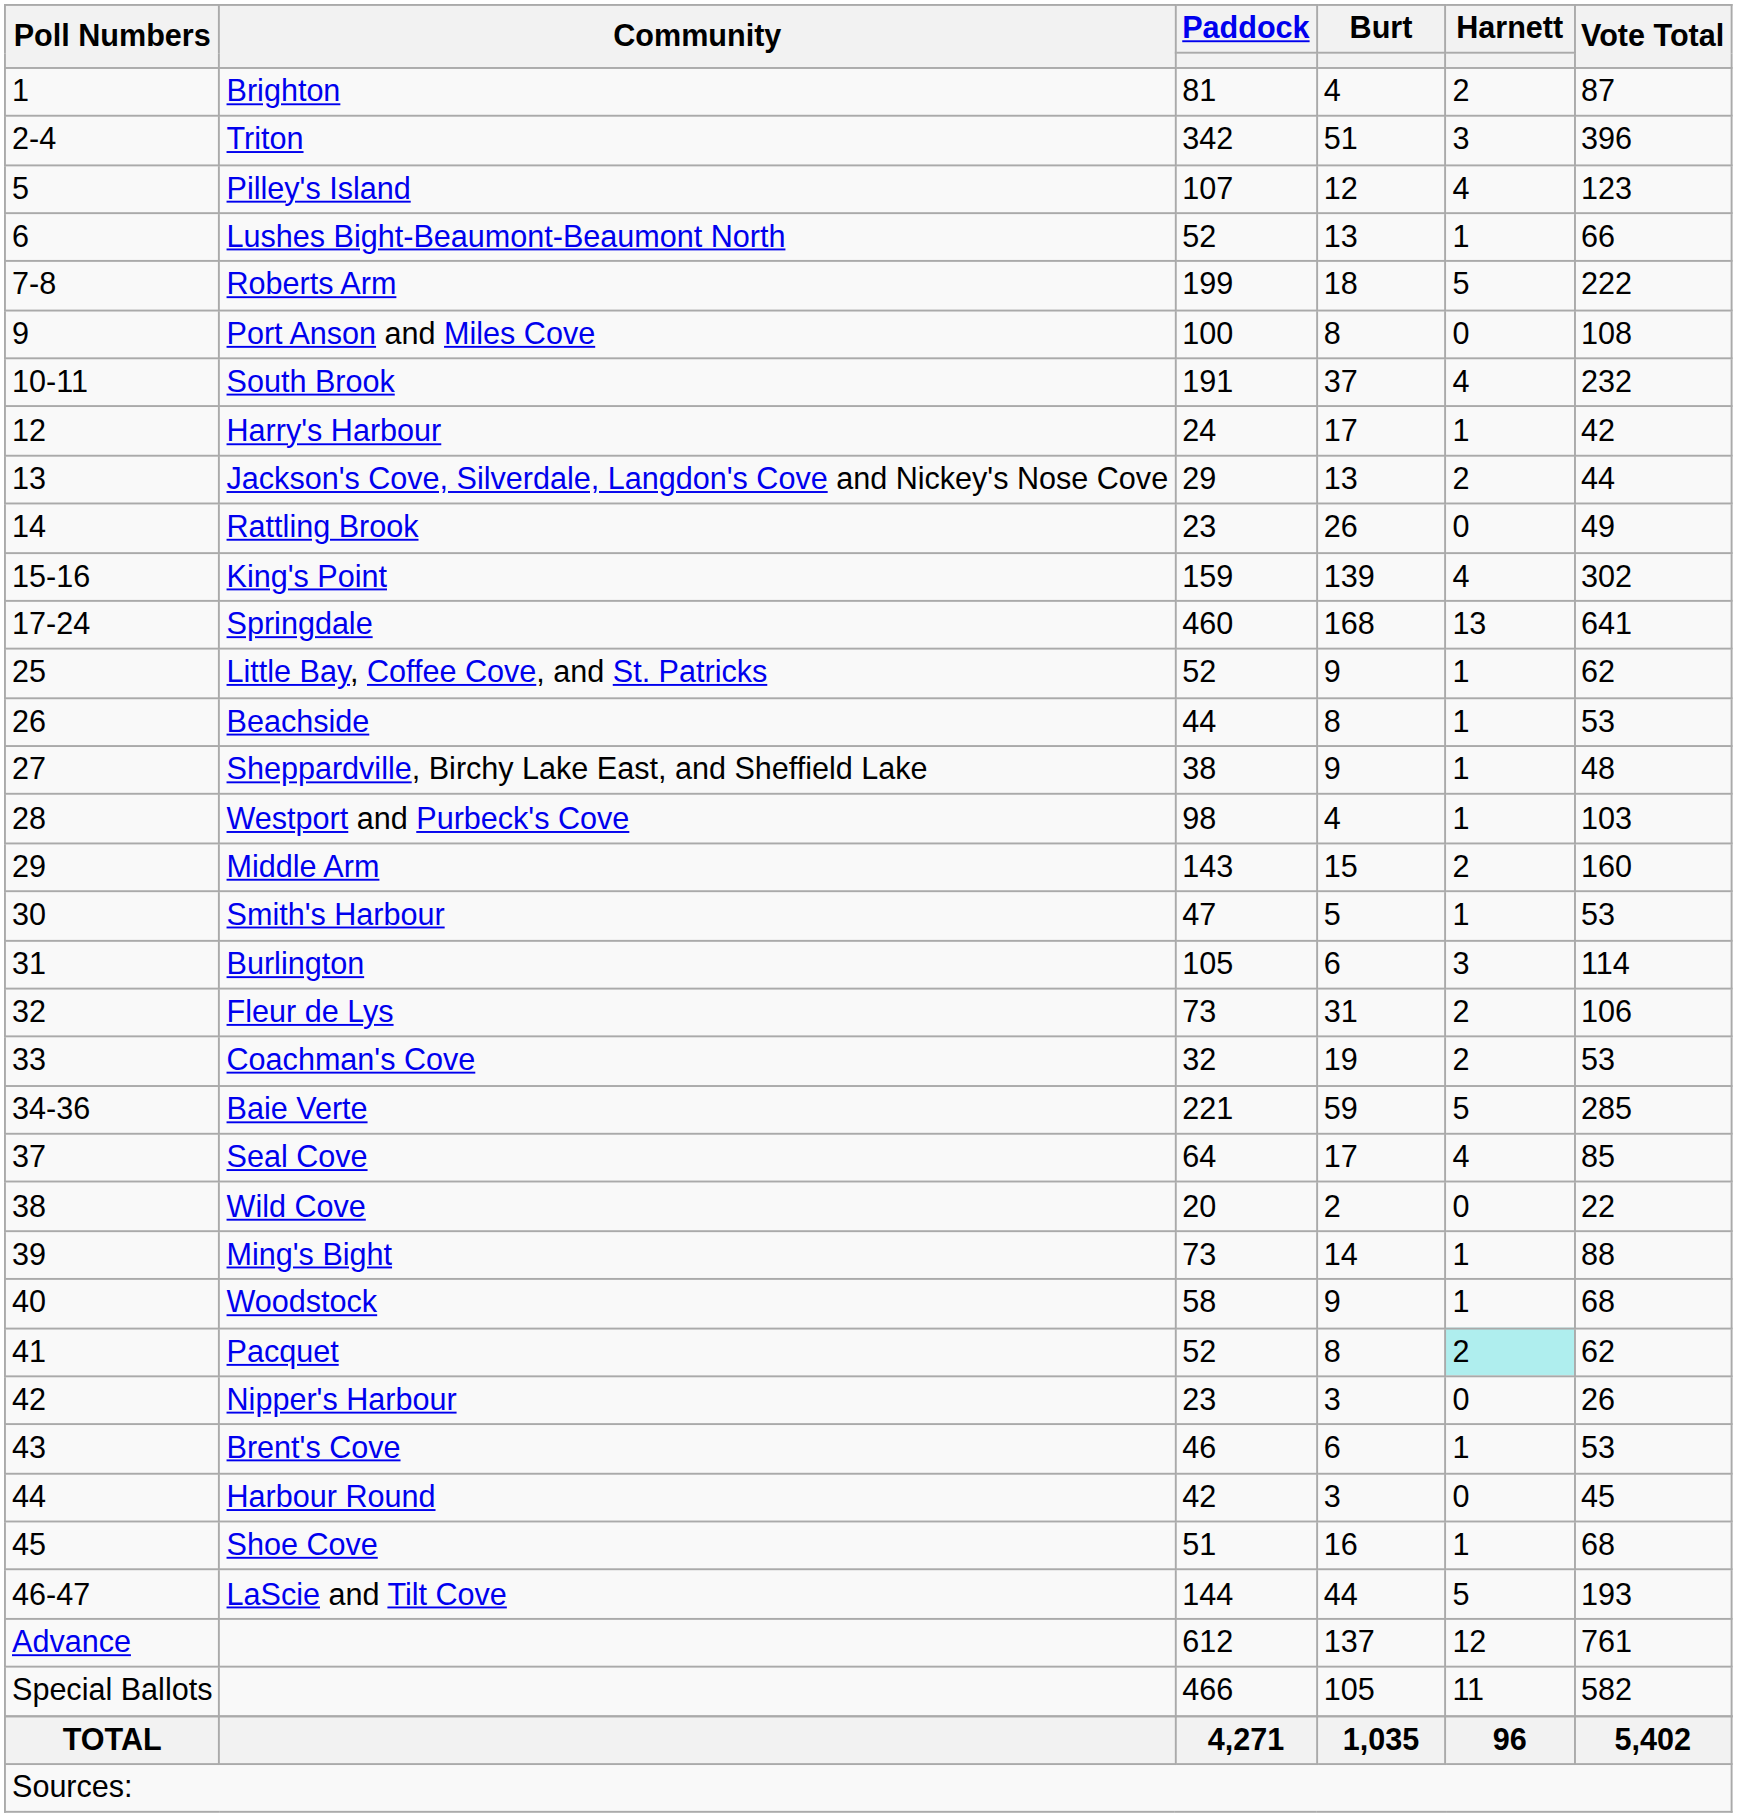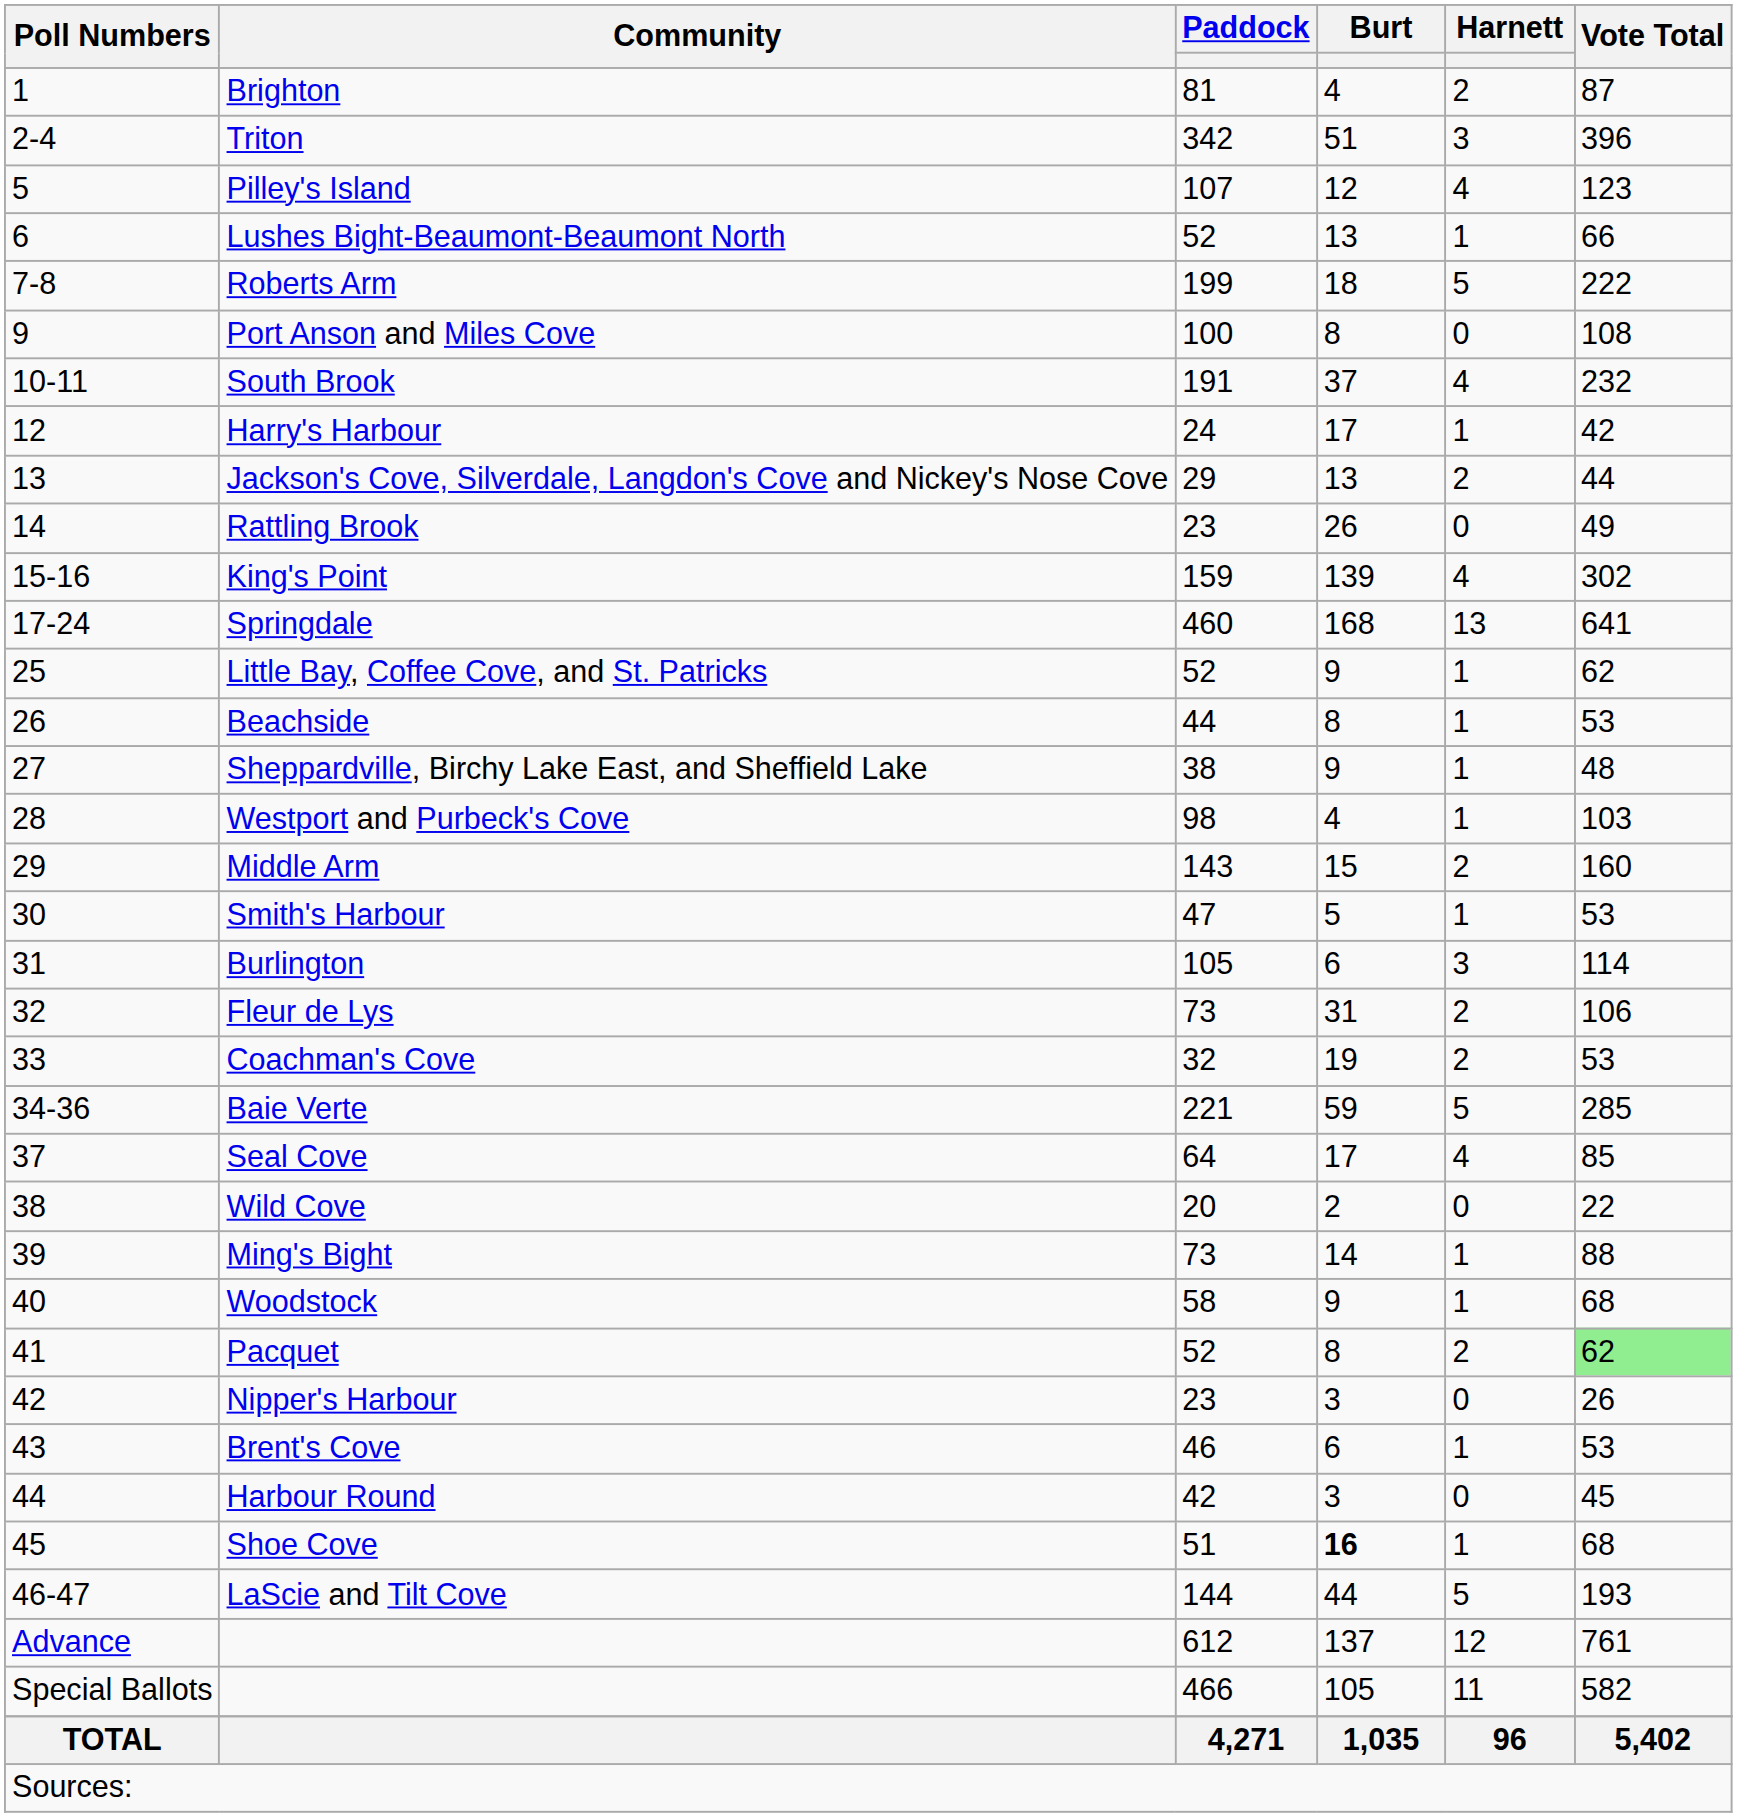 <table class="wikitable sortable">
 <tr>
 <th rowspan="2">Poll Numbers</th>
 <th rowspan="2">Community</th>
 <th width="60px" class="unsortable"><a href='#'>Paddock</a></th>
 <th width="60px" class="unsortable">Burt</th>
 <th width="60px" class="unsortable">Harnett</th>
 <th rowspan="2">Vote Total</th>
 </tr>
 <tr>
 <th style="background:"></th>
 <th style="background:"></th>
 <th style="background:"></th>
 </tr>
 <tr>
 <td>1</td>
 <td><a href='#'>Brighton</a></td>
 <td>81</td>
 <td>4</td>
 <td>2</td>
 <td>87</td>
 </tr>
 <tr>
 <td>2-4</td>
 <td><a href='#'>Triton</a></td>
 <td>342</td>
 <td>51</td>
 <td>3</td>
 <td>396</td>
 </tr>
 <tr>
 <td>5</td>
 <td><a href='#'>Pilley's Island</a></td>
 <td>107</td>
 <td>12</td>
 <td>4</td>
 <td>123</td>
 </tr>
 <tr>
 <td>6</td>
 <td><a href='#'>Lushes Bight-Beaumont-Beaumont North</a></td>
 <td>52</td>
 <td>13</td>
 <td>1</td>
 <td>66</td>
 </tr>
 <tr>
 <td>7-8</td>
 <td><a href='#'>Roberts Arm</a></td>
 <td>199</td>
 <td>18</td>
 <td>5</td>
 <td>222</td>
 </tr>
 <tr>
 <td>9</td>
 <td><a href='#'>Port Anson</a> and <a href='#'>Miles Cove</a></td>
 <td>100</td>
 <td>8</td>
 <td>0</td>
 <td>108</td>
 </tr>
 <tr>
 <td>10-11</td>
 <td><a href='#'>South Brook</a></td>
 <td>191</td>
 <td>37</td>
 <td>4</td>
 <td>232</td>
 </tr>
 <tr>
 <td>12</td>
 <td><a href='#'>Harry's Harbour</a></td>
 <td>24</td>
 <td>17</td>
 <td>1</td>
 <td>42</td>
 </tr>
 <tr>
 <td>13</td>
 <td><a href='#'>Jackson's Cove, Silverdale, Langdon's Cove</a> and Nickey's Nose Cove</td>
 <td>29</td>
 <td>13</td>
 <td>2</td>
 <td>44</td>
 </tr>
 <tr>
 <td>14</td>
 <td><a href='#'>Rattling Brook</a></td>
 <td>23</td>
 <td>26</td>
 <td>0</td>
 <td>49</td>
 </tr>
 <tr>
 <td>15-16</td>
 <td><a href='#'>King's Point</a></td>
 <td>159</td>
 <td>139</td>
 <td>4</td>
 <td>302</td>
 </tr>
 <tr>
 <td>17-24</td>
 <td><a href='#'>Springdale</a></td>
 <td>460</td>
 <td>168</td>
 <td>13</td>
 <td>641</td>
 </tr>
 <tr>
 <td>25</td>
 <td><a href='#'>Little Bay</a>, <a href='#'>Coffee Cove</a>, and <a href='#'>St. Patricks</a></td>
 <td>52</td>
 <td>9</td>
 <td>1</td>
 <td>62</td>
 </tr>
 <tr>
 <td>26</td>
 <td><a href='#'>Beachside</a></td>
 <td>44</td>
 <td>8</td>
 <td>1</td>
 <td>53</td>
 </tr>
 <tr>
 <td>27</td>
 <td><a href='#'>Sheppardville</a>, Birchy Lake East, and Sheffield Lake</td>
 <td>38</td>
 <td>9</td>
 <td>1</td>
 <td>48</td>
 </tr>
 <tr>
 <td>28</td>
 <td><a href='#'>Westport</a> and <a href='#'>Purbeck's Cove</a></td>
 <td>98</td>
 <td>4</td>
 <td>1</td>
 <td>103</td>
 </tr>
 <tr>
 <td>29</td>
 <td><a href='#'>Middle Arm</a></td>
 <td>143</td>
 <td>15</td>
 <td>2</td>
 <td>160</td>
 </tr>
 <tr>
 <td>30</td>
 <td><a href='#'>Smith's Harbour</a></td>
 <td>47</td>
 <td>5</td>
 <td>1</td>
 <td>53</td>
 </tr>
 <tr>
 <td>31</td>
 <td><a href='#'>Burlington</a></td>
 <td>105</td>
 <td>6</td>
 <td>3</td>
 <td>114</td>
 </tr>
 <tr>
 <td>32</td>
 <td><a href='#'>Fleur de Lys</a></td>
 <td>73</td>
 <td>31</td>
 <td>2</td>
 <td>106</td>
 </tr>
 <tr>
 <td>33</td>
 <td><a href='#'>Coachman's Cove</a></td>
 <td>32</td>
 <td>19</td>
 <td>2</td>
 <td>53</td>
 </tr>
 <tr>
 <td>34-36</td>
 <td><a href='#'>Baie Verte</a></td>
 <td>221</td>
 <td>59</td>
 <td>5</td>
 <td>285</td>
 </tr>
 <tr>
 <td>37</td>
 <td><a href='#'>Seal Cove</a></td>
 <td>64</td>
 <td>17</td>
 <td>4</td>
 <td>85</td>
 </tr>
 <tr>
 <td>38</td>
 <td><a href='#'>Wild Cove</a></td>
 <td>20</td>
 <td>2</td>
 <td>0</td>
 <td>22</td>
 </tr>
 <tr>
 <td>39</td>
 <td><a href='#'>Ming's Bight</a></td>
 <td>73</td>
 <td>14</td>
 <td>1</td>
 <td>88</td>
 </tr>
 <tr>
 <td>40</td>
 <td><a href='#'>Woodstock</a></td>
 <td>58</td>
 <td>9</td>
 <td>1</td>
 <td>68</td>
 </tr>
 <tr>
 <td>41</td>
 <td><a href='#'>Pacquet</a></td>
 <td>52</td>
 <td>8</td>
-<td style="background: paleturquoise;">2</td>
-<td>62</td>
+<td>2</td>
+<td style="background: lightgreen;">62</td>
 </tr>
 <tr>
 <td>42</td>
 <td><a href='#'>Nipper's Harbour</a></td>
 <td>23</td>
 <td>3</td>
 <td>0</td>
 <td>26</td>
 </tr>
 <tr>
 <td>43</td>
 <td><a href='#'>Brent's Cove</a></td>
 <td>46</td>
 <td>6</td>
 <td>1</td>
 <td>53</td>
 </tr>
 <tr>
 <td>44</td>
 <td><a href='#'>Harbour Round</a></td>
 <td>42</td>
 <td>3</td>
 <td>0</td>
 <td>45</td>
 </tr>
 <tr>
 <td>45</td>
 <td><a href='#'>Shoe Cove</a></td>
 <td>51</td>
-<td>16</td>
+<td><strong>16</strong></td>
 <td>1</td>
 <td>68</td>
 </tr>
 <tr>
 <td>46-47</td>
 <td><a href='#'>LaScie</a> and <a href='#'>Tilt Cove</a></td>
 <td>144</td>
 <td>44</td>
 <td>5</td>
 <td>193</td>
 </tr>
 <tr>
 <td><a href='#'>Advance</a></td>
 <td></td>
 <td>612</td>
 <td>137</td>
 <td>12</td>
 <td>761</td>
 </tr>
 <tr>
 <td>Special Ballots</td>
 <td></td>
 <td>466</td>
 <td>105</td>
 <td>11</td>
 <td>582</td>
 </tr>
 <tr>
 </tr>
 <tr class="sortbottom">
 <th>TOTAL</th>
 <th></th>
 <th>4,271</th>
 <th>1,035</th>
 <th>96</th>
 <th>5,402</th>
 </tr>
 <tr>
 <td colspan="6">Sources:</td>
 </tr>
 </table>
